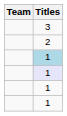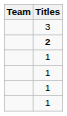 <table class="wikitable sortable" style="text-align:center">
 <tr>
 <th>Team</th>
 <th>Titles</th>
 </tr>
 <tr>
 <td style=><em></em></td>
 <td>3</td>
 </tr>
 <tr>
 <td style=><em></em></td>
-<td>2</td>
+<td><strong>2</strong></td>
 </tr>
 <tr>
 <td style=><em></em></td>
-<td style="background: lightblue;">1</td>
+<td>1</td>
 </tr>
 <tr>
 <td style=><em></em></td>
-<td style="background: lavender;">1</td>
+<td>1</td>
 </tr>
 <tr>
 <td style=><em></em></td>
 <td>1</td>
 </tr>
 <tr>
 <td style=><em></em></td>
 <td>1</td>
 </tr>
 </table>
